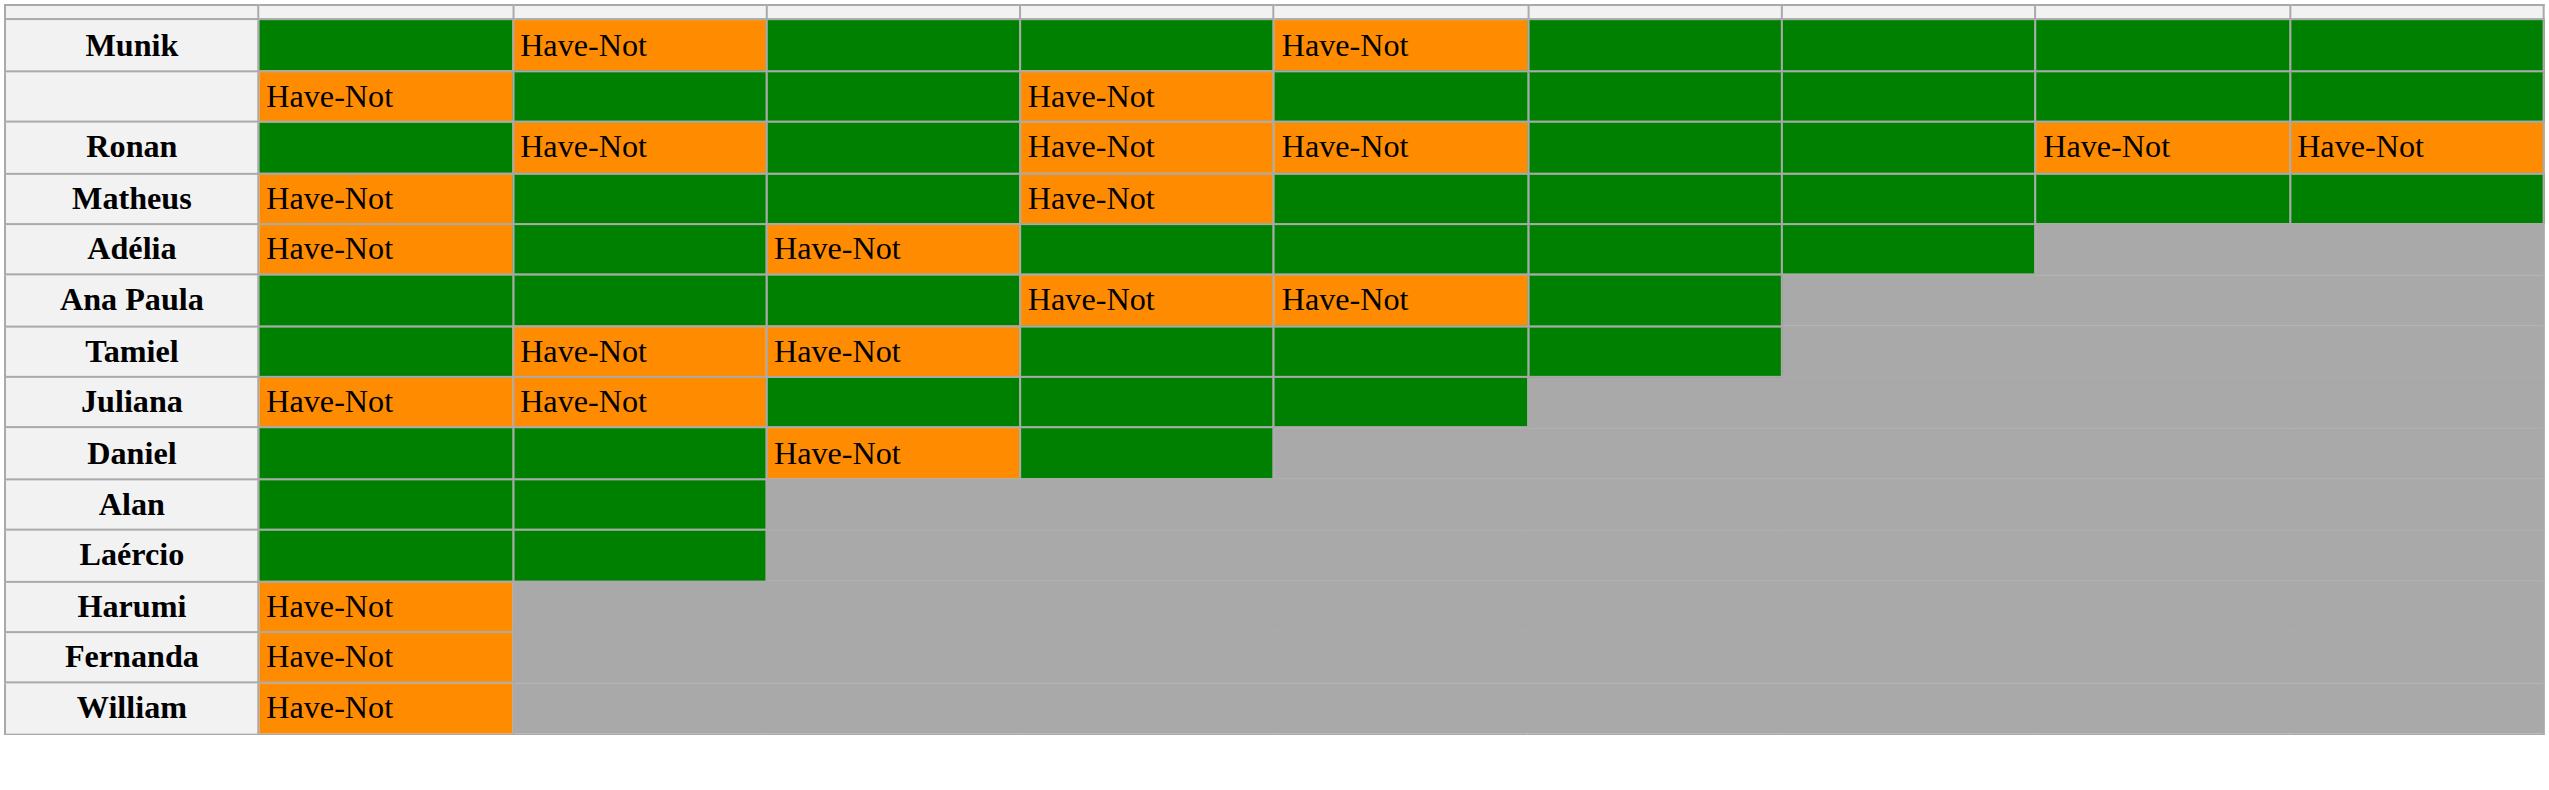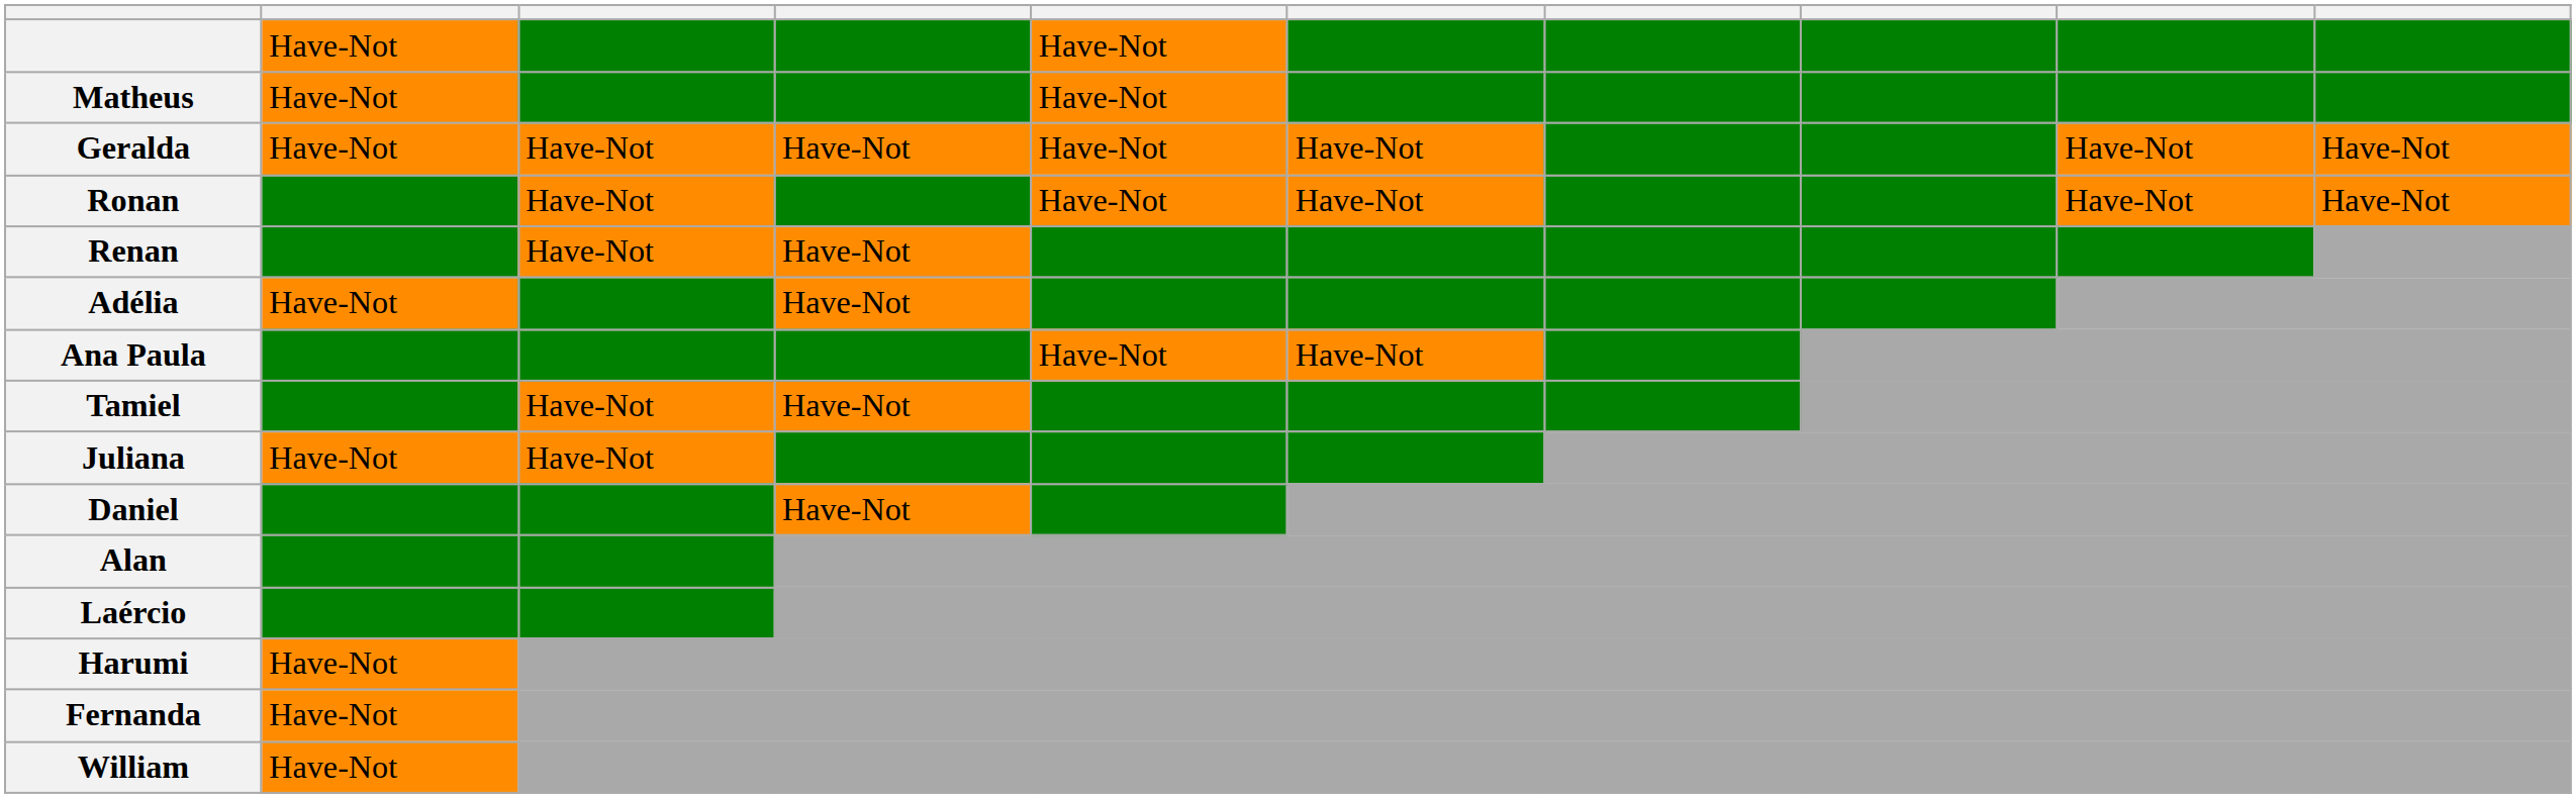 <table class="wikitable" style="width:100%;">
 <tr>
 <th width=6.5%></th>
 <th width=6.5%></th>
 <th width=6.5%></th>
 <th width=6.5%></th>
 <th width=6.5%></th>
 <th width=6.5%></th>
 <th width=6.5%></th>
 <th width=6.5%></th>
 <th width=6.5%></th>
 <th width=6.5%></th>
 </tr>
 <tr>
-<th>Munik</th>
-<td bgcolor="008000"></td>
-<td bgcolor="FF8C00">Have-Not</td>
-<td bgcolor="008000"></td>
-<td bgcolor="008000"></td>
-<td bgcolor="FF8C00">Have-Not</td>
-<td bgcolor="008000"></td>
-<td bgcolor="008000"></td>
-<td bgcolor="008000"></td>
-<td bgcolor="008000"></td>
-</tr>
-<tr>
 <th></th>
 <td bgcolor="FF8C00">Have-Not</td>
 <td bgcolor="008000"></td>
 <td bgcolor="008000"></td>
 <td bgcolor="FF8C00">Have-Not</td>
 <td bgcolor="008000"></td>
 <td bgcolor="008000"></td>
 <td bgcolor="008000"></td>
 <td bgcolor="008000"></td>
 <td bgcolor="008000"></td>
+</tr>
+<tr>
+<th>Matheus</th>
+<td bgcolor="FF8C00">Have-Not</td>
+<td bgcolor="008000"></td>
+<td bgcolor="008000"></td>
+<td bgcolor="FF8C00">Have-Not</td>
+<td bgcolor="008000"></td>
+<td bgcolor="008000"></td>
+<td bgcolor="008000"></td>
+<td bgcolor="008000"></td>
+<td bgcolor="008000"></td>
+</tr>
+<tr>
+<th>Geralda</th>
+<td bgcolor="FF8C00">Have-Not</td>
+<td bgcolor="FF8C00">Have-Not</td>
+<td bgcolor="FF8C00">Have-Not</td>
+<td bgcolor="FF8C00">Have-Not</td>
+<td bgcolor="FF8C00">Have-Not</td>
+<td bgcolor="008000"></td>
+<td bgcolor="008000"></td>
+<td bgcolor="FF8C00">Have-Not</td>
+<td bgcolor="FF8C00">Have-Not</td>
 </tr>
 <tr>
 <th>Ronan</th>
 <td bgcolor="008000"></td>
 <td bgcolor="FF8C00">Have-Not</td>
 <td bgcolor="008000"></td>
 <td bgcolor="FF8C00">Have-Not</td>
 <td bgcolor="FF8C00">Have-Not</td>
 <td bgcolor="008000"></td>
 <td bgcolor="008000"></td>
 <td bgcolor="FF8C00">Have-Not</td>
 <td bgcolor="FF8C00">Have-Not</td>
 </tr>
 <tr>
-<th>Matheus</th>
+<th>Renan</th>
+<td bgcolor="008000"></td>
 <td bgcolor="FF8C00">Have-Not</td>
-<td bgcolor="008000"></td>
-<td bgcolor="008000"></td>
 <td bgcolor="FF8C00">Have-Not</td>
 <td bgcolor="008000"></td>
 <td bgcolor="008000"></td>
 <td bgcolor="008000"></td>
 <td bgcolor="008000"></td>
 <td bgcolor="008000"></td>
+<td bgcolor="A9A9A9" colspan=1></td>
 </tr>
 <tr>
 <th>Adélia</th>
 <td bgcolor="FF8C00">Have-Not</td>
 <td bgcolor="008000"></td>
 <td bgcolor="FF8C00">Have-Not</td>
 <td bgcolor="008000"></td>
 <td bgcolor="008000"></td>
 <td bgcolor="008000"></td>
 <td bgcolor="008000"></td>
 <td bgcolor="A9A9A9" colspan=2></td>
 </tr>
 <tr>
 <th>Ana Paula</th>
 <td bgcolor="008000"></td>
 <td bgcolor="008000"></td>
 <td bgcolor="008000"></td>
 <td bgcolor="FF8C00">Have-Not</td>
 <td bgcolor="FF8C00">Have-Not</td>
 <td bgcolor="008000"></td>
 <td bgcolor="A9A9A9" colspan=3></td>
 </tr>
 <tr>
 <th>Tamiel</th>
 <td bgcolor="008000"></td>
 <td bgcolor="FF8C00">Have-Not</td>
 <td bgcolor="FF8C00">Have-Not</td>
 <td bgcolor="008000"></td>
 <td bgcolor="008000"></td>
 <td bgcolor="008000"></td>
 <td bgcolor="A9A9A9" colspan=3></td>
 </tr>
 <tr>
 <th>Juliana</th>
 <td bgcolor="FF8C00">Have-Not</td>
 <td bgcolor="FF8C00">Have-Not</td>
 <td bgcolor="008000"></td>
 <td bgcolor="008000"></td>
 <td bgcolor="008000"></td>
 <td bgcolor="A9A9A9" colspan=4></td>
 </tr>
 <tr>
 <th>Daniel</th>
 <td bgcolor="008000"></td>
 <td bgcolor="008000"></td>
 <td bgcolor="FF8C00">Have-Not</td>
 <td bgcolor="008000"></td>
 <td bgcolor="A9A9A9" colspan=5></td>
 </tr>
 <tr>
 <th>Alan</th>
 <td bgcolor="008000"></td>
 <td bgcolor="008000"></td>
 <td bgcolor="A9A9A9" colspan=7></td>
 </tr>
 <tr>
 <th>Laércio</th>
 <td bgcolor="008000"></td>
 <td bgcolor="008000"></td>
 <td bgcolor="A9A9A9" colspan=7></td>
 </tr>
 <tr>
 <th>Harumi</th>
 <td bgcolor="FF8C00">Have-Not</td>
 <td bgcolor="A9A9A9" colspan=8></td>
 </tr>
 <tr>
 <th>Fernanda</th>
 <td bgcolor="FF8C00">Have-Not</td>
 <td bgcolor="A9A9A9" colspan=8></td>
 </tr>
 <tr>
 <th>William</th>
 <td bgcolor="FF8C00">Have-Not</td>
 <td bgcolor="A9A9A9" colspan=8></td>
 </tr>
 </table>
